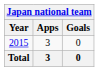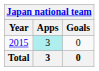 <table class="wikitable" style="text-align:center">
 <tr>
 <th colspan=3><a href='#'>Japan national team</a></th>
 </tr>
 <tr>
 <th>Year</th>
 <th>Apps</th>
 <th>Goals</th>
 </tr>
 <tr>
 <td><a href='#'>2015</a></td>
-<td>3</td>
+<td style="background: paleturquoise;">3</td>
 <td>0</td>
 </tr>
 <tr>
 <th>Total</th>
 <th>3</th>
 <th>0</th>
 </tr>
 </table>
